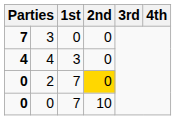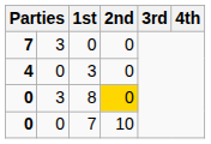 <table class="wikitable" style="text-align:right;">
 <tr>
 <th colspan=2 style="text-align:left;">Parties</th>
 <th>1st</th>
 <th>2nd</th>
 <th>3rd</th>
 <th>4th</th>
 </tr>
 <tr>
 <td><strong>7</strong></td>
 <td>3</td>
 <td>0</td>
 <td>0</td>
 </tr>
 <tr>
 <td><strong>4</strong></td>
-<td>4</td>
+<td>0</td>
 <td>3</td>
 <td>0</td>
 </tr>
 <tr>
 <td><strong>0</strong></td>
-<td>2</td>
-<td>7</td>
+<td>3</td>
+<td>8</td>
 <td style="background: gold;">0</td>
 </tr>
 <tr>
 <td><strong>0</strong></td>
 <td>0</td>
 <td>7</td>
 <td>10</td>
 </tr>
 </table>
